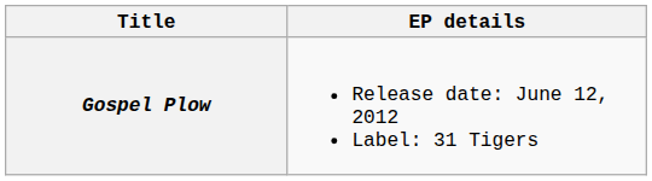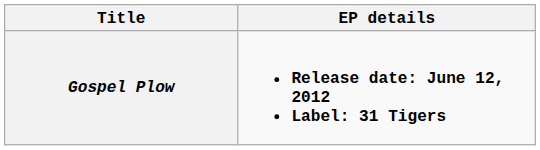 <table class="wikitable plainrowheaders">
 <tr>
 <th style="width:14em;">Title</th>
 <th style="width:18em;">EP details</th>
 </tr>
 <tr>
 <th scope="row"><em>Gospel Plow</em></th>
-<td><br><ul><li>Release date: June 12, 2012</li><li>Label: 31 Tigers</li></ul></td>
+<td><strong><br><ul><li>Release date: June 12, 2012</li><li>Label: 31 Tigers</li></ul></strong></td>
 </tr>
 </table>
